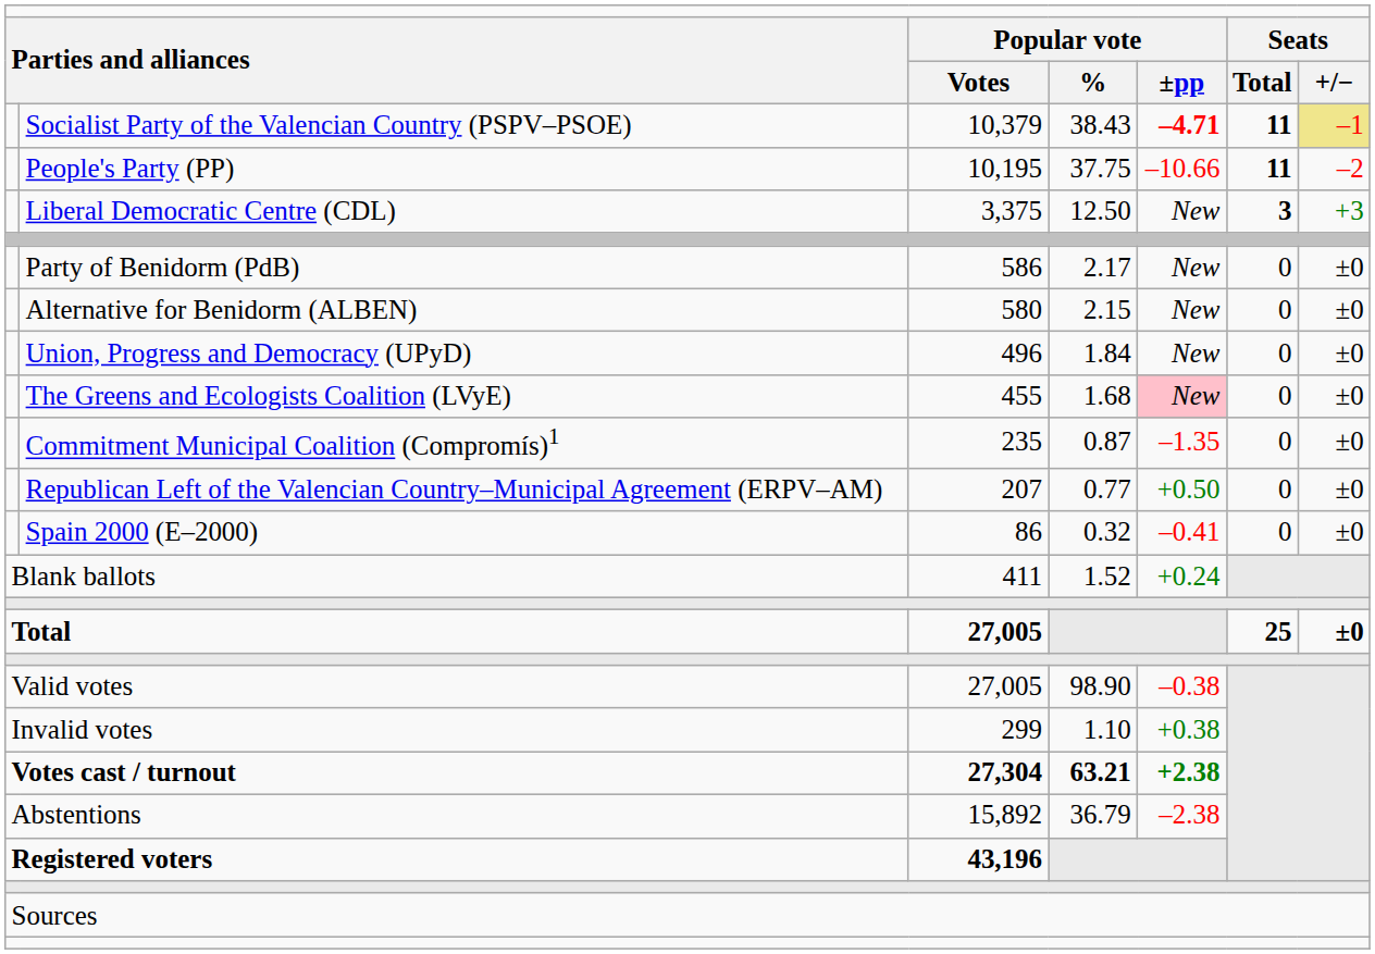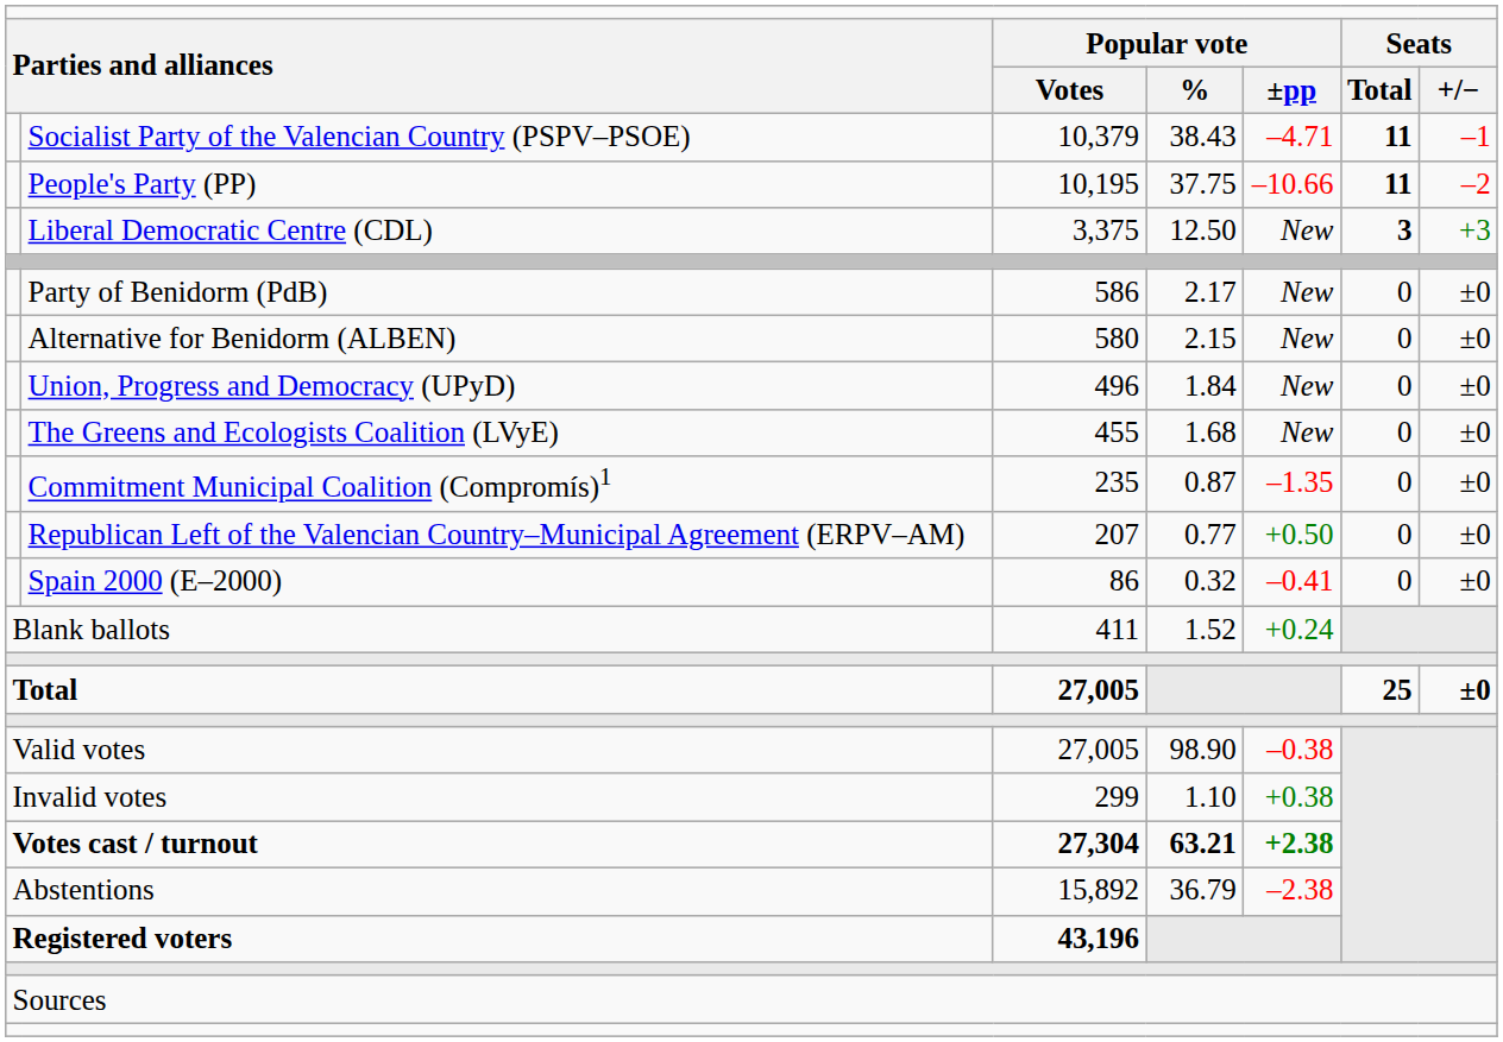 <table class="wikitable" style="text-align:right;">
 <tr>
 <td colspan="7"></td>
 </tr>
 <tr>
 <th style="text-align:left;" rowspan="2" colspan="2" width="525">Parties and alliances</th>
 <th colspan="3">Popular vote</th>
 <th colspan="2">Seats</th>
 </tr>
 <tr>
 <th width="75">Votes</th>
 <th width="45">%</th>
 <th width="45">±<a href='#'>pp</a></th>
 <th width="35">Total</th>
 <th width="35">+/−</th>
 </tr>
 <tr>
 <td width="1" style="color:inherit;background:"></td>
 <td align="left"><a href='#'>Socialist Party of the Valencian Country</a> (PSPV–PSOE)</td>
 <td>10,379</td>
 <td>38.43</td>
-<td style="color:red;"><strong>–4.71</strong></td>
+<td style="color:red;">–4.71</td>
 <td><strong>11</strong></td>
-<td style="background: khaki; color:red;">–1</td>
+<td style="color:red;">–1</td>
 </tr>
 <tr>
 <td style="color:inherit;background:"></td>
 <td align="left"><a href='#'>People's Party</a> (PP)</td>
 <td>10,195</td>
 <td>37.75</td>
 <td style="color:red;">–10.66</td>
 <td><strong>11</strong></td>
 <td style="color:red;">–2</td>
 </tr>
 <tr>
 <td style="color:inherit;background:"></td>
 <td align="left"><a href='#'>Liberal Democratic Centre</a> (CDL)</td>
 <td>3,375</td>
 <td>12.50</td>
 <td><em>New</em></td>
 <td><strong>3</strong></td>
 <td style="color:green;">+3</td>
 </tr>
 <tr>
 <td colspan="7" bgcolor="#C0C0C0"></td>
 </tr>
 <tr>
 <td style="color:inherit;background:"></td>
 <td align="left">Party of Benidorm (PdB)</td>
 <td>586</td>
 <td>2.17</td>
 <td><em>New</em></td>
 <td>0</td>
 <td>±0</td>
 </tr>
 <tr>
 <td style="color:inherit;background:"></td>
 <td align="left">Alternative for Benidorm (ALBEN)</td>
 <td>580</td>
 <td>2.15</td>
 <td><em>New</em></td>
 <td>0</td>
 <td>±0</td>
 </tr>
 <tr>
 <td style="color:inherit;background:"></td>
 <td align="left"><a href='#'>Union, Progress and Democracy</a> (UPyD)</td>
 <td>496</td>
 <td>1.84</td>
 <td><em>New</em></td>
 <td>0</td>
 <td>±0</td>
 </tr>
 <tr>
 <td style="color:inherit;background:"></td>
 <td align="left"><a href='#'>The Greens and Ecologists Coalition</a> (LVyE)</td>
 <td>455</td>
 <td>1.68</td>
-<td style="background: pink;"><em>New</em></td>
+<td><em>New</em></td>
 <td>0</td>
 <td>±0</td>
 </tr>
 <tr>
 <td style="color:inherit;background:"></td>
 <td align="left"><a href='#'>Commitment Municipal Coalition</a> (Compromís)<sup>1</sup></td>
 <td>235</td>
 <td>0.87</td>
 <td style="color:red;">–1.35</td>
 <td>0</td>
 <td>±0</td>
 </tr>
 <tr>
 <td style="color:inherit;background:"></td>
 <td align="left"><a href='#'>Republican Left of the Valencian Country–Municipal Agreement</a> (ERPV–AM)</td>
 <td>207</td>
 <td>0.77</td>
 <td style="color:green;">+0.50</td>
 <td>0</td>
 <td>±0</td>
 </tr>
 <tr>
 <td style="color:inherit;background:"></td>
 <td align="left"><a href='#'>Spain 2000</a> (E–2000)</td>
 <td>86</td>
 <td>0.32</td>
 <td style="color:red;">–0.41</td>
 <td>0</td>
 <td>±0</td>
 </tr>
 <tr>
 <td align="left" colspan="2">Blank ballots</td>
 <td>411</td>
 <td>1.52</td>
 <td style="color:green;">+0.24</td>
 <td bgcolor="#E9E9E9" colspan="2"></td>
 </tr>
 <tr>
 <td colspan="7" bgcolor="#E9E9E9"></td>
 </tr>
 <tr style="font-weight:bold;">
 <td align="left" colspan="2">Total</td>
 <td>27,005</td>
 <td bgcolor="#E9E9E9" colspan="2"></td>
 <td>25</td>
 <td>±0</td>
 </tr>
 <tr>
 <td colspan="7" bgcolor="#E9E9E9"></td>
 </tr>
 <tr>
 <td align="left" colspan="2">Valid votes</td>
 <td>27,005</td>
 <td>98.90</td>
 <td style="color:red;">–0.38</td>
 <td bgcolor="#E9E9E9" colspan="2" rowspan="5"></td>
 </tr>
 <tr>
 <td align="left" colspan="2">Invalid votes</td>
 <td>299</td>
 <td>1.10</td>
 <td style="color:green;">+0.38</td>
 </tr>
 <tr style="font-weight:bold;">
 <td align="left" colspan="2">Votes cast / turnout</td>
 <td>27,304</td>
 <td>63.21</td>
 <td style="color:green;">+2.38</td>
 </tr>
 <tr>
 <td align="left" colspan="2">Abstentions</td>
 <td>15,892</td>
 <td>36.79</td>
 <td style="color:red;">–2.38</td>
 </tr>
 <tr style="font-weight:bold;">
 <td align="left" colspan="2">Registered voters</td>
 <td>43,196</td>
 <td bgcolor="#E9E9E9" colspan="2"></td>
 </tr>
 <tr>
 <td colspan="7" bgcolor="#E9E9E9"></td>
 </tr>
 <tr>
 <td align="left" colspan="7">Sources</td>
 </tr>
 <tr>
 <td colspan="7" style="text-align:left; max-width:790px;"></td>
 </tr>
 </table>
